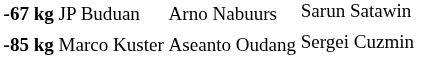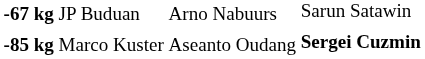 <table>
 <tr>
 <th scope=row rowspan=2>-67 kg</th>
 <td rowspan=2> JP Buduan</td>
 <td rowspan=2> Arno Nabuurs</td>
 <td> Sarun Satawin</td>
 </tr>
 <tr>
 <td></td>
 </tr>
 <tr>
 <th scope=row rowspan=2>-85 kg</th>
 <td rowspan=2> Marco Kuster</td>
 <td rowspan=2> Aseanto Oudang</td>
-<td> Sergei Cuzmin</td>
+<td><strong> Sergei Cuzmin</strong></td>
 </tr>
 <tr>
 <td></td>
 </tr>
 <tr>
 </tr>
 </table>
